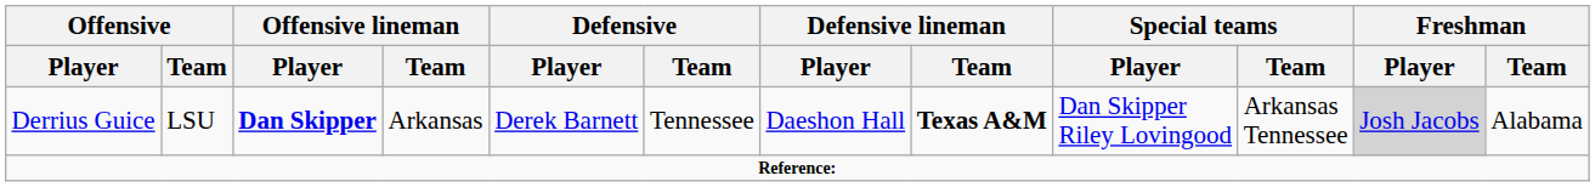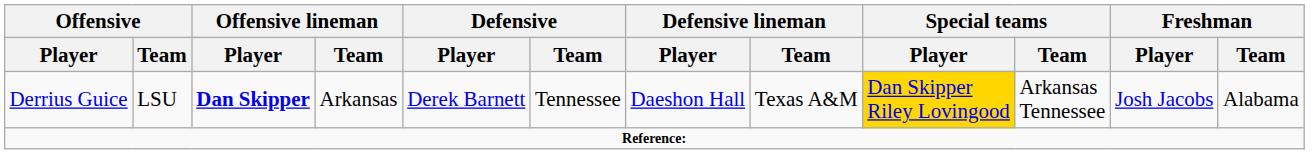 <table class="wikitable">
 <tr>
 <th colspan="2">Offensive</th>
 <th colspan="2">Offensive lineman</th>
 <th colspan="2">Defensive</th>
 <th colspan="2">Defensive lineman</th>
 <th colspan="2">Special teams</th>
 <th colspan="2">Freshman</th>
 </tr>
 <tr>
 <th>Player</th>
 <th>Team</th>
 <th>Player</th>
 <th>Team</th>
 <th>Player</th>
 <th>Team</th>
 <th>Player</th>
 <th>Team</th>
 <th>Player</th>
 <th>Team</th>
 <th>Player</th>
 <th>Team</th>
 </tr>
 <tr>
 <td><a href='#'>Derrius Guice</a></td>
 <td>LSU</td>
 <td><strong><a href='#'>Dan Skipper</a></strong></td>
 <td>Arkansas</td>
 <td><a href='#'>Derek Barnett</a></td>
 <td>Tennessee</td>
 <td><a href='#'>Daeshon Hall</a></td>
-<td><strong>Texas A&M</strong></td>
-<td><a href='#'>Dan Skipper</a><br><a href='#'>Riley Lovingood</a></td>
+<td>Texas A&M</td>
+<td style="background: gold;"><a href='#'>Dan Skipper</a><br><a href='#'>Riley Lovingood</a></td>
 <td>Arkansas<br>Tennessee</td>
-<td style="background: lightgrey;"><a href='#'>Josh Jacobs</a></td>
+<td><a href='#'>Josh Jacobs</a></td>
 <td>Alabama</td>
 </tr>
 <tr>
 <td colspan="12"  style="font-size:8pt; text-align:center;"><strong>Reference:</strong></td>
 </tr>
 </table>
